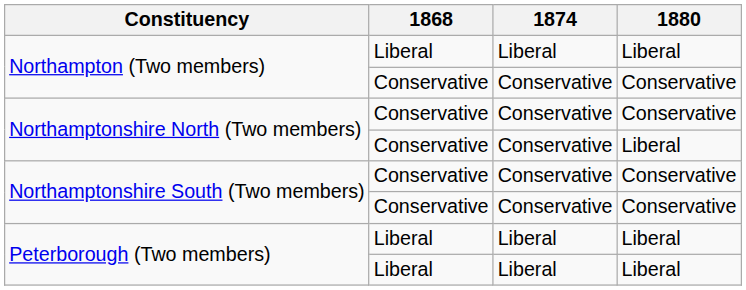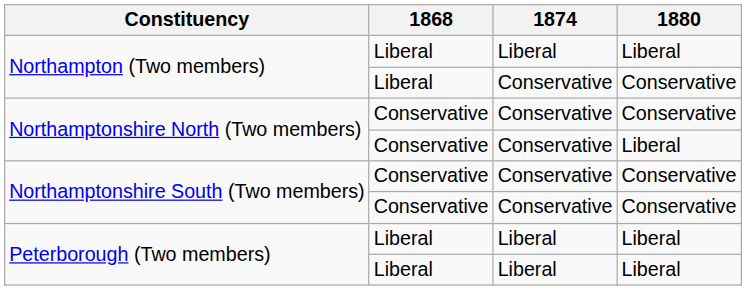 <table class="wikitable">
 <tr>
 <th>Constituency</th>
 <th>1868</th>
 <th>1874</th>
 <th>1880</th>
 </tr>
 <tr>
 <td rowspan="2"><a href='#'>Northampton</a> (Two members)</td>
 <td>Liberal</td>
 <td>Liberal</td>
 <td>Liberal</td>
 </tr>
 <tr>
-<td>Conservative</td>
+<td>Liberal</td>
 <td>Conservative</td>
 <td>Conservative</td>
 </tr>
 <tr>
 <td rowspan="2"><a href='#'>Northamptonshire North</a> (Two members)</td>
 <td>Conservative</td>
 <td>Conservative</td>
 <td>Conservative</td>
 </tr>
 <tr>
 <td>Conservative</td>
 <td>Conservative</td>
 <td>Liberal</td>
 </tr>
 <tr>
 <td rowspan="2"><a href='#'>Northamptonshire South</a> (Two members)</td>
 <td>Conservative</td>
 <td>Conservative</td>
 <td>Conservative</td>
 </tr>
 <tr>
 <td>Conservative</td>
 <td>Conservative</td>
 <td>Conservative</td>
 </tr>
 <tr>
 <td rowspan="2"><a href='#'>Peterborough</a> (Two members)</td>
 <td>Liberal</td>
 <td>Liberal</td>
 <td>Liberal</td>
 </tr>
 <tr>
 <td>Liberal</td>
 <td>Liberal</td>
 <td>Liberal</td>
 </tr>
 </table>
